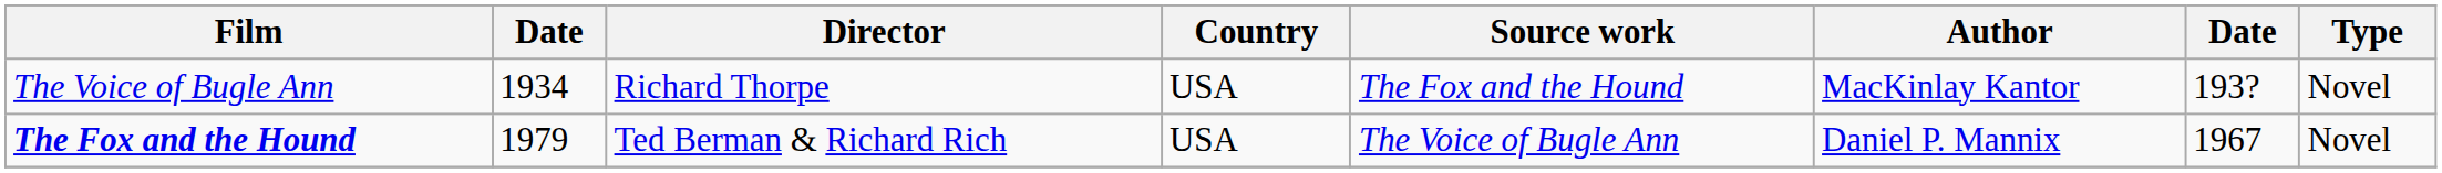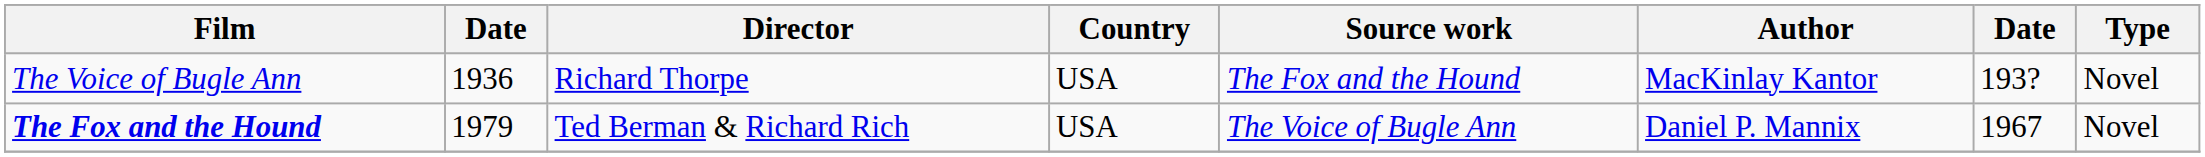 <table class="wikitable" style=width:90%>
 <tr style="background:#CCCCCC;">
 <th>Film</th>
 <th>Date</th>
 <th>Director</th>
 <th>Country</th>
 <th>Source work</th>
 <th>Author</th>
 <th>Date</th>
 <th>Type</th>
 </tr>
 <tr>
 <td><em><a href='#'>The Voice of Bugle Ann</a></em></td>
-<td>1934</td>
+<td>1936</td>
 <td><a href='#'>Richard Thorpe</a></td>
 <td>USA</td>
 <td><em><a href='#'>The Fox and the Hound</a></em></td>
 <td><a href='#'>MacKinlay Kantor</a></td>
 <td>193?</td>
 <td>Novel</td>
 </tr>
 <tr>
 <td><strong><em><a href='#'>The Fox and the Hound</a></em></strong></td>
 <td>1979</td>
 <td><a href='#'>Ted Berman</a> & <a href='#'>Richard Rich</a></td>
 <td>USA</td>
 <td><em><a href='#'>The Voice of Bugle Ann</a></em></td>
 <td><a href='#'>Daniel P. Mannix</a></td>
 <td>1967</td>
 <td>Novel</td>
 </tr>
 <tr>
 </tr>
 </table>
